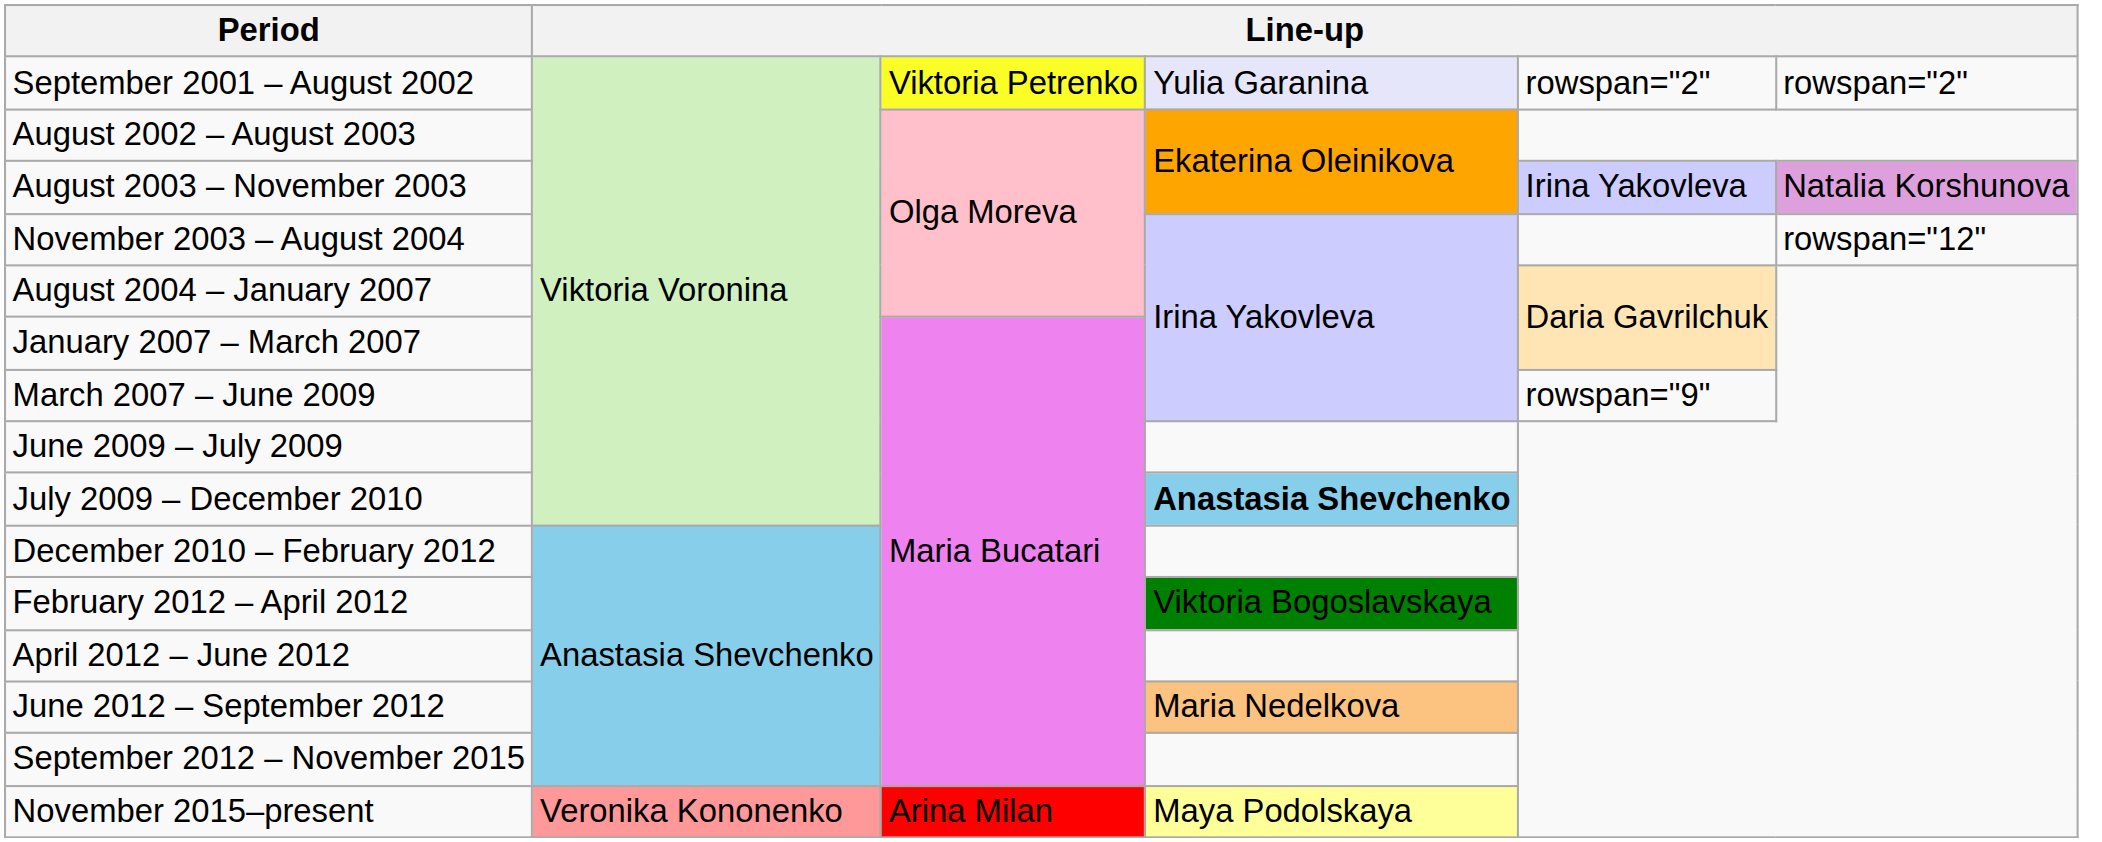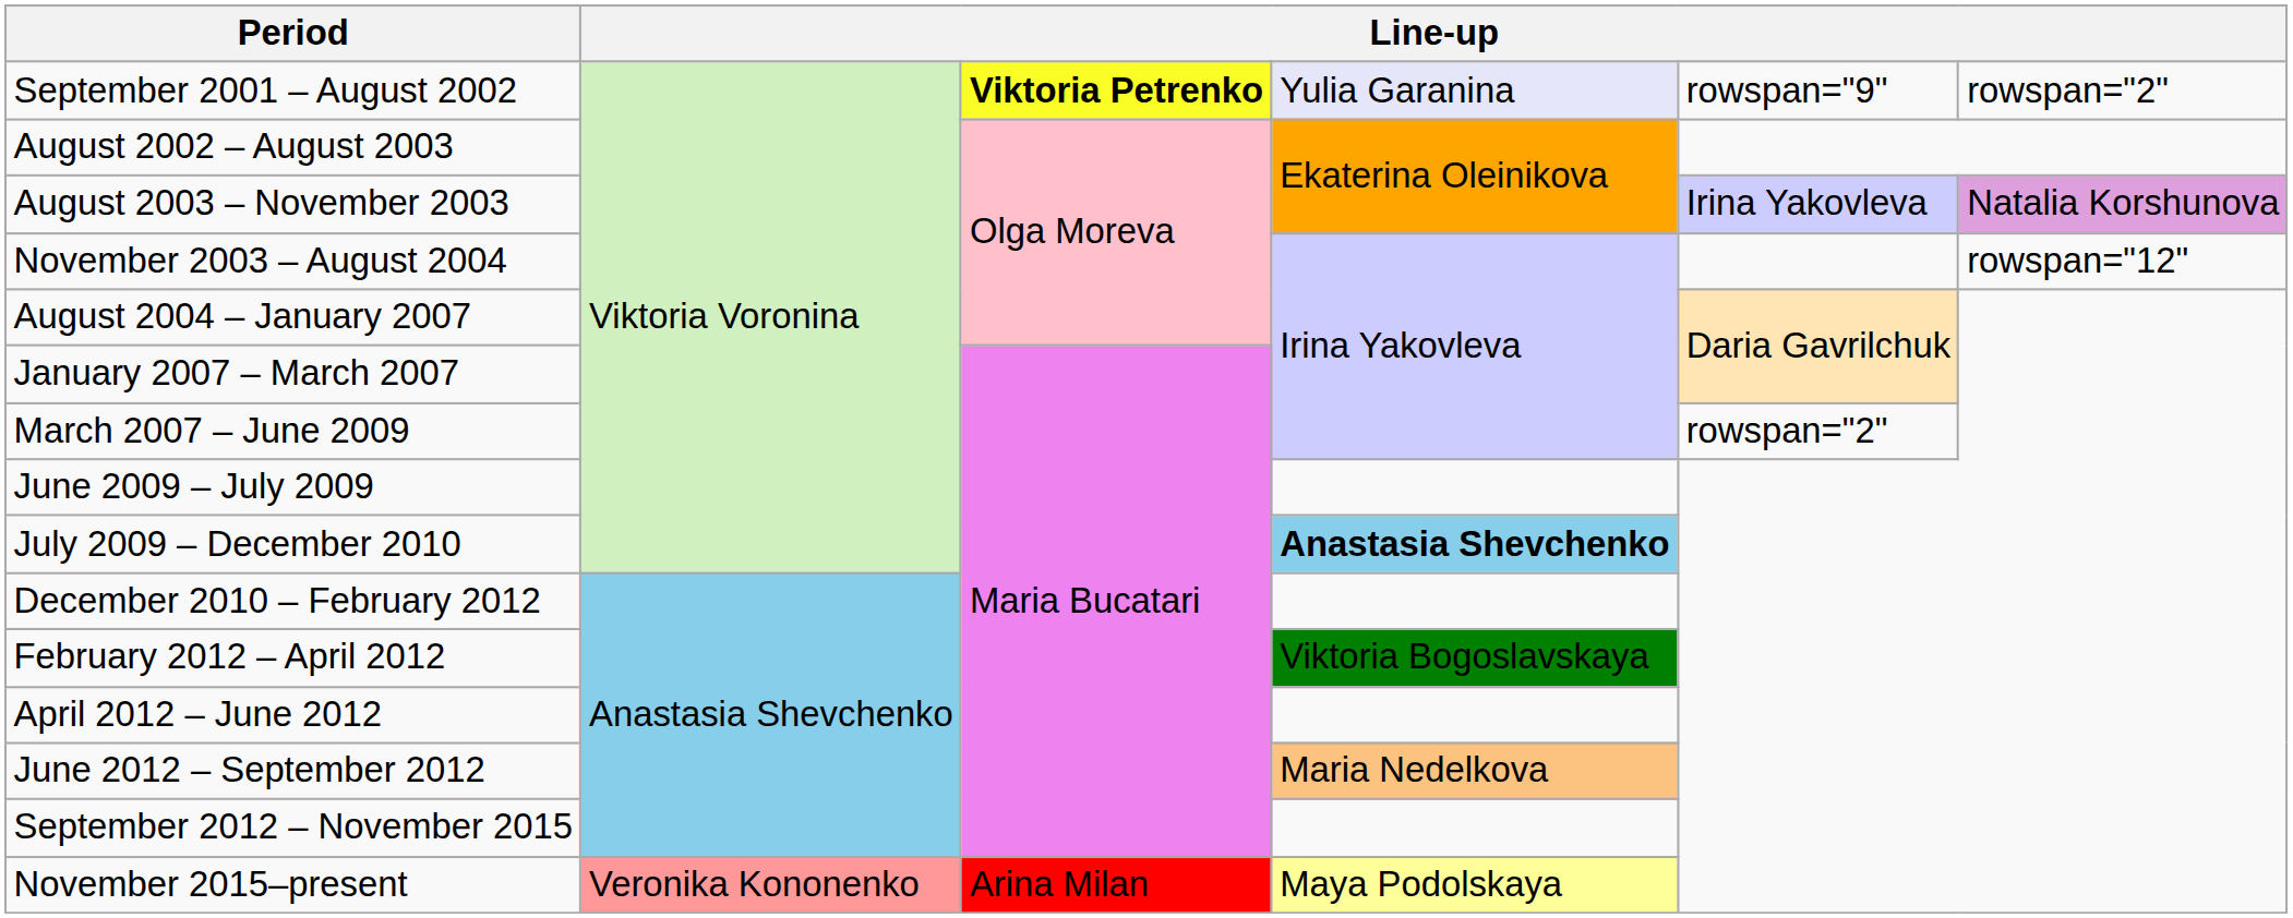 <table Class="wikitable">
 <tr>
 <th>Period</th>
 <th colspan="5">Line-up</th>
 </tr>
 <tr>
 <td>September 2001 – August 2002</td>
 <td rowspan="9"  bgcolor=#d0f0c0>Viktoria Voronina</td>
-<td bgcolor=#fbfe26>Viktoria Petrenko</td>
+<td bgcolor=#fbfe26><strong>Viktoria Petrenko</strong></td>
 <td bgcolor=lavender>Yulia Garanina</td>
-<td>rowspan="2"  </td>
+<td>rowspan="9" </td>
 <td>rowspan="2" </td>
 </tr>
 <tr>
 <td>August 2002 – August 2003</td>
 <td rowspan="4"  bgcolor=pink>Olga Moreva</td>
 <td rowspan="2" bgcolor=orange>Ekaterina Oleinikova</td>
 </tr>
 <tr>
 <td>August 2003 – November 2003</td>
 <td bgcolor=#ccf>Irina Yakovleva</td>
 <td bgcolor=#dda0dd>Natalia Korshunova</td>
 </tr>
 <tr>
 <td>November 2003 – August 2004</td>
 <td rowspan="4" bgcolor=#ccf>Irina Yakovleva</td>
 <td></td>
 <td>rowspan="12" </td>
 </tr>
 <tr>
 <td>August 2004 – January 2007</td>
 <td rowspan="2" bgcolor=#ffe5b4>Daria Gavrilchuk</td>
 </tr>
 <tr>
 <td>January 2007 – March 2007</td>
 <td rowspan="9" bgcolor=violet>Maria Bucatari</td>
 </tr>
 <tr>
 <td>March 2007 – June 2009</td>
-<td>rowspan="9" </td>
+<td>rowspan="2"  </td>
 </tr>
 <tr>
 <td>June 2009 – July 2009</td>
 <td></td>
 </tr>
 <tr>
 <td>July 2009 – December 2010</td>
 <td bgcolor=skyblue><strong>Anastasia Shevchenko</strong></td>
 </tr>
 <tr>
 <td>December 2010 – February 2012</td>
 <td rowspan="5" bgcolor=skyblue>Anastasia Shevchenko</td>
 <td></td>
 </tr>
 <tr>
 <td>February 2012 – April 2012</td>
 <td bgcolor=green>Viktoria Bogoslavskaya</td>
 </tr>
 <tr>
 <td>April 2012 – June 2012</td>
 <td></td>
 </tr>
 <tr>
 <td>June 2012 – September 2012</td>
 <td bgcolor=#FBC28>Maria Nedelkova</td>
 </tr>
 <tr>
 <td>September 2012 – November 2015</td>
 <td></td>
 </tr>
 <tr>
 <td>November 2015–present</td>
 <td bgcolor=#ff9999>Veronika Kononenko</td>
 <td bgcolor=red>Arina Milan</td>
 <td bgcolor=#ffff99>Maya Podolskaya</td>
 </tr>
 </table>
